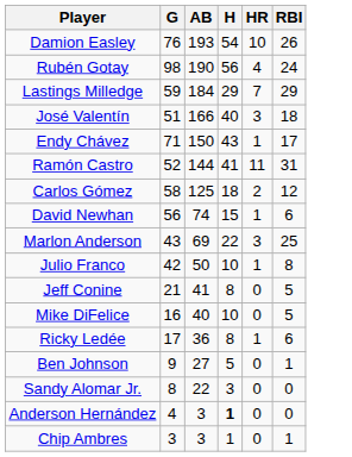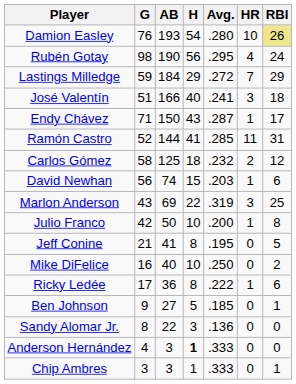 <table class="wikitable sortable">
 <tr>
 <th>Player</th>
 <th>G</th>
 <th>AB</th>
 <th>H</th>
+<th>Avg.</th>
 <th>HR</th>
 <th>RBI</th>
 </tr>
 <tr align="center">
 <td><a href='#'>Damion Easley</a></td>
 <td>76</td>
 <td>193</td>
 <td>54</td>
+<td>.280</td>
 <td>10</td>
-<td>26</td>
+<td style="background: khaki;">26</td>
 </tr>
 <tr align=center>
 <td><a href='#'>Rubén Gotay</a></td>
 <td>98</td>
 <td>190</td>
 <td>56</td>
+<td>.295</td>
 <td>4</td>
 <td>24</td>
 </tr>
 <tr align=center>
 <td><a href='#'>Lastings Milledge</a></td>
 <td>59</td>
 <td>184</td>
 <td>29</td>
+<td>.272</td>
 <td>7</td>
 <td>29</td>
 </tr>
 <tr align=center>
 <td><a href='#'>José Valentín</a></td>
 <td>51</td>
 <td>166</td>
 <td>40</td>
+<td>.241</td>
 <td>3</td>
 <td>18</td>
 </tr>
 <tr align=center>
 <td><a href='#'>Endy Chávez</a></td>
 <td>71</td>
 <td>150</td>
 <td>43</td>
+<td>.287</td>
 <td>1</td>
 <td>17</td>
 </tr>
 <tr align=center>
 <td><a href='#'>Ramón Castro</a></td>
 <td>52</td>
 <td>144</td>
 <td>41</td>
+<td>.285</td>
 <td>11</td>
 <td>31</td>
 </tr>
 <tr align=center>
 <td><a href='#'>Carlos Gómez</a></td>
 <td>58</td>
 <td>125</td>
 <td>18</td>
+<td>.232</td>
 <td>2</td>
 <td>12</td>
 </tr>
 <tr align=center>
 <td><a href='#'>David Newhan</a></td>
 <td>56</td>
 <td>74</td>
 <td>15</td>
+<td>.203</td>
 <td>1</td>
 <td>6</td>
 </tr>
 <tr align=center>
 <td><a href='#'>Marlon Anderson</a></td>
 <td>43</td>
 <td>69</td>
 <td>22</td>
+<td>.319</td>
 <td>3</td>
 <td>25</td>
 </tr>
 <tr align=center>
 <td><a href='#'>Julio Franco</a></td>
 <td>42</td>
 <td>50</td>
 <td>10</td>
+<td>.200</td>
 <td>1</td>
 <td>8</td>
 </tr>
 <tr align=center>
 <td><a href='#'>Jeff Conine</a></td>
 <td>21</td>
 <td>41</td>
 <td>8</td>
+<td>.195</td>
 <td>0</td>
 <td>5</td>
 </tr>
 <tr align=center>
 <td><a href='#'>Mike DiFelice</a></td>
 <td>16</td>
 <td>40</td>
 <td>10</td>
+<td>.250</td>
 <td>0</td>
-<td>5</td>
+<td>2</td>
 </tr>
 <tr align=center>
 <td><a href='#'>Ricky Ledée</a></td>
 <td>17</td>
 <td>36</td>
 <td>8</td>
+<td>.222</td>
 <td>1</td>
 <td>6</td>
 </tr>
 <tr align=center>
 <td><a href='#'>Ben Johnson</a></td>
 <td>9</td>
 <td>27</td>
 <td>5</td>
+<td>.185</td>
 <td>0</td>
 <td>1</td>
 </tr>
 <tr align=center>
 <td><a href='#'>Sandy Alomar Jr.</a></td>
 <td>8</td>
 <td>22</td>
 <td>3</td>
+<td>.136</td>
 <td>0</td>
 <td>0</td>
 </tr>
 <tr align=center>
 <td><a href='#'>Anderson Hernández</a></td>
 <td>4</td>
 <td>3</td>
 <td><strong>1</strong></td>
+<td>.333</td>
 <td>0</td>
 <td>0</td>
 </tr>
 <tr align=center>
 <td><a href='#'>Chip Ambres</a></td>
 <td>3</td>
 <td>3</td>
 <td>1</td>
+<td>.333</td>
 <td>0</td>
 <td>1</td>
 </tr>
 </table>
